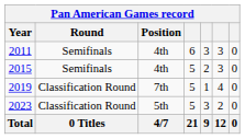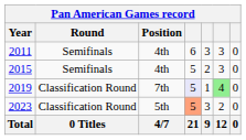 <table class="wikitable" style="text-align: center;">
 <tr>
 <th colspan=7><a href='#'>Pan American Games record</a></th>
 </tr>
 <tr>
 <th>Year</th>
 <th>Round</th>
 <th>Position</th>
 <th></th>
 <th></th>
 <th></th>
 <th></th>
 </tr>
 <tr>
 <td> <a href='#'>2011</a></td>
 <td>Semifinals</td>
 <td>4th</td>
 <td>6</td>
 <td>3</td>
 <td>3</td>
 <td>0</td>
 </tr>
 <tr>
 <td> <a href='#'>2015</a></td>
 <td>Semifinals</td>
 <td>4th</td>
 <td>5</td>
 <td>2</td>
 <td>3</td>
 <td>0</td>
 </tr>
 <tr>
 <td> <a href='#'>2019</a></td>
 <td>Classification Round</td>
 <td>7th</td>
-<td>5</td>
+<td style="background: lavender;">5</td>
 <td>1</td>
-<td>4</td>
+<td style="background: lightgreen;">4</td>
 <td>0</td>
 </tr>
 <tr>
 <td> <a href='#'>2023</a></td>
 <td>Classification Round</td>
 <td>5th</td>
-<td>5</td>
+<td style="background: lightsalmon;">5</td>
 <td>3</td>
 <td>2</td>
 <td>0</td>
 </tr>
 <tr>
 <th>Total</th>
 <th>0 Titles</th>
 <th>4/7</th>
 <th>21</th>
 <th>9</th>
 <th>12</th>
 <th>0</th>
 </tr>
 </table>
